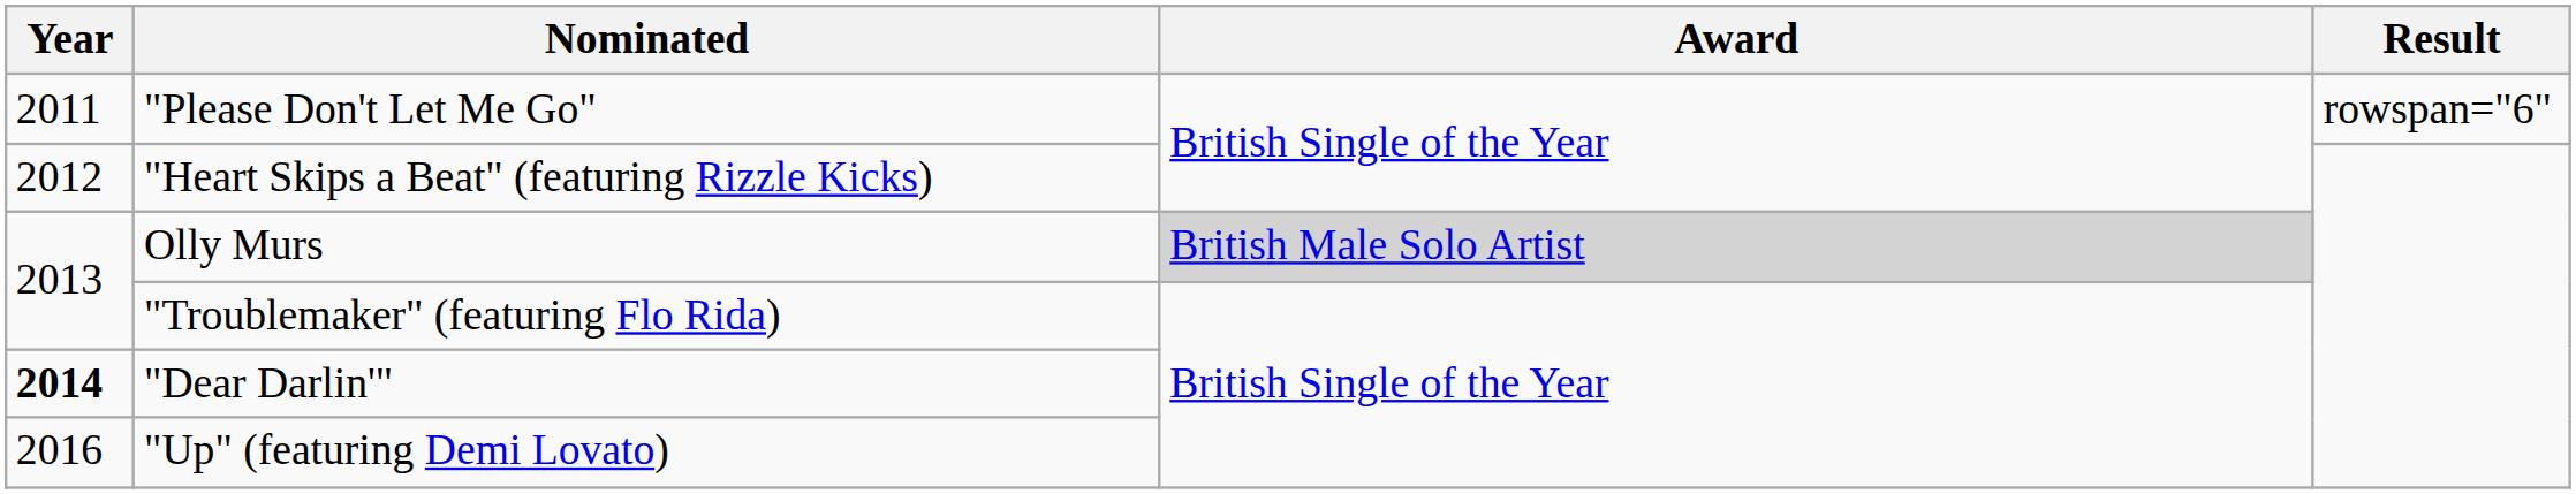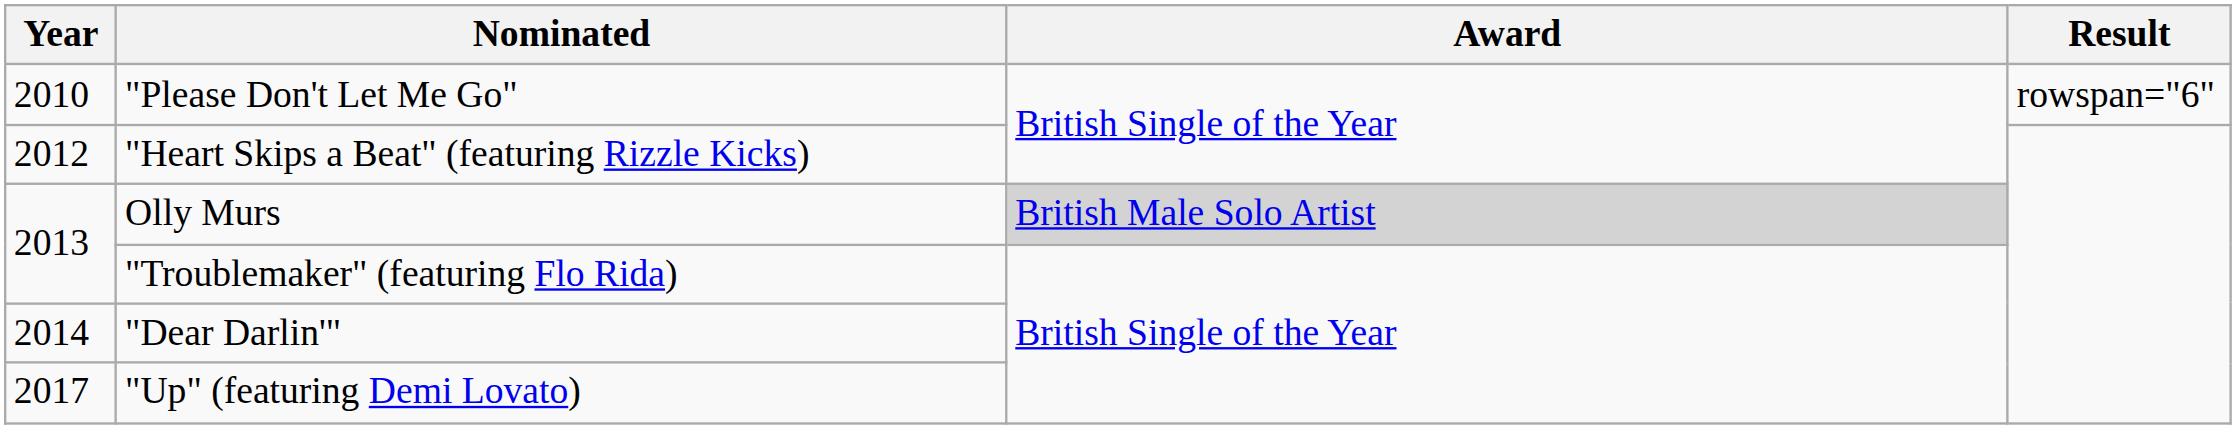 <table class="wikitable" style="width:75%;">
 <tr>
 <th width=5%>Year</th>
 <th style="width:40%;">Nominated</th>
 <th style="width:45%;">Award</th>
 <th style="width:10%;">Result</th>
 </tr>
 <tr>
-<td>2011</td>
+<td>2010</td>
 <td>"Please Don't Let Me Go"</td>
 <td rowspan="2"><a href='#'>British Single of the Year</a></td>
 <td>rowspan="6" </td>
 </tr>
 <tr>
 <td>2012</td>
 <td>"Heart Skips a Beat" (featuring <a href='#'>Rizzle Kicks</a>)</td>
 </tr>
 <tr>
 <td rowspan="2">2013</td>
 <td>Olly Murs</td>
 <td style="background: lightgrey;"><a href='#'>British Male Solo Artist</a></td>
 </tr>
 <tr>
 <td>"Troublemaker" (featuring <a href='#'>Flo Rida</a>)</td>
 <td rowspan="3"><a href='#'>British Single of the Year</a></td>
 </tr>
 <tr>
-<td><strong>2014</strong></td>
+<td>2014</td>
 <td>"Dear Darlin'"</td>
 </tr>
 <tr>
-<td>2016</td>
+<td>2017</td>
 <td>"Up" (featuring <a href='#'>Demi Lovato</a>)</td>
 </tr>
 </table>
